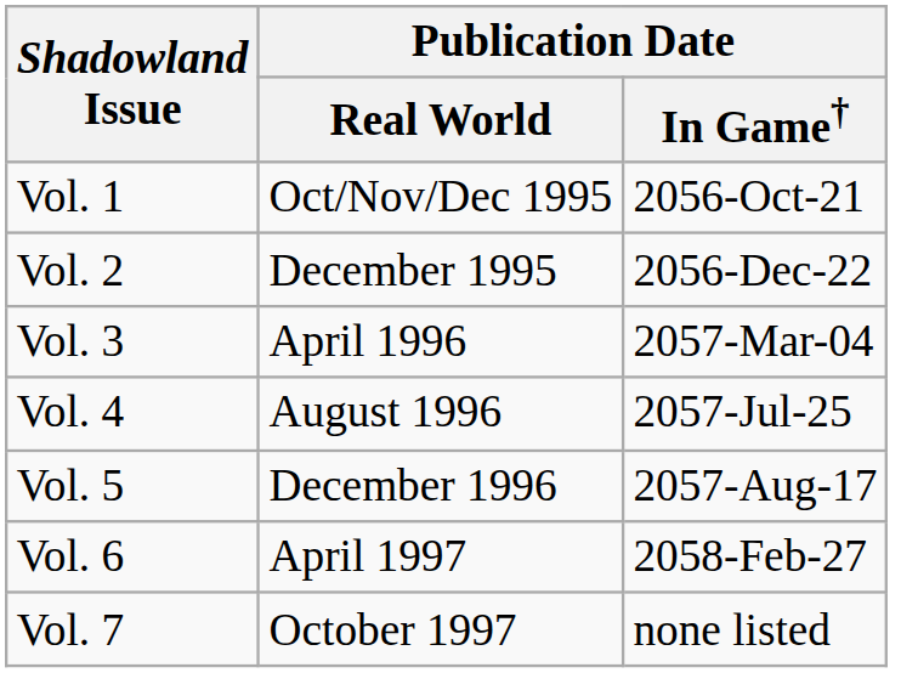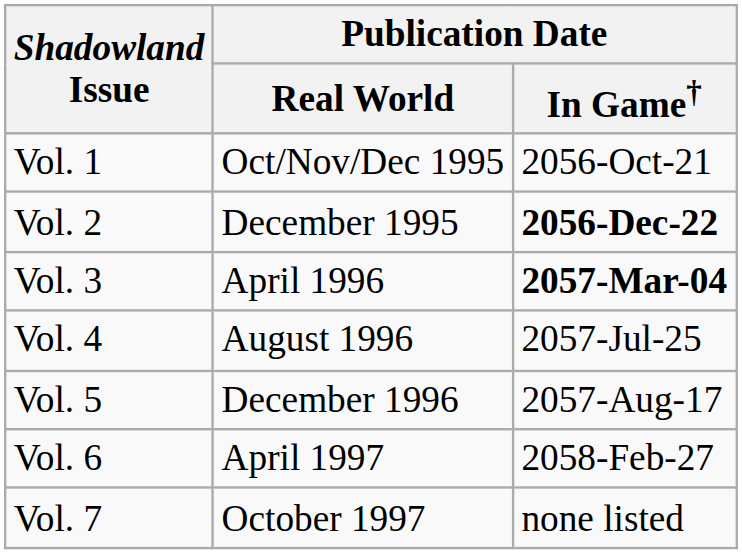 <table class="wikitable">
 <tr>
 <th rowspan="2"><em>Shadowland</em><br>Issue</th>
 <th colspan="2">Publication Date</th>
 </tr>
 <tr>
 <th>Real World</th>
 <th>In Game<sup>†</sup></th>
 </tr>
 <tr>
 <td>Vol. 1</td>
 <td>Oct/Nov/Dec 1995</td>
 <td>2056-Oct-21</td>
 </tr>
 <tr>
 <td>Vol. 2</td>
 <td>December 1995</td>
-<td>2056-Dec-22</td>
+<td><strong>2056-Dec-22</strong></td>
 </tr>
 <tr>
 <td>Vol. 3</td>
 <td>April 1996</td>
-<td>2057-Mar-04</td>
+<td><strong>2057-Mar-04</strong></td>
 </tr>
 <tr>
 <td>Vol. 4</td>
 <td>August 1996</td>
 <td>2057-Jul-25</td>
 </tr>
 <tr>
 <td>Vol. 5</td>
 <td>December 1996</td>
 <td>2057-Aug-17</td>
 </tr>
 <tr>
 <td>Vol. 6</td>
 <td>April 1997</td>
 <td>2058-Feb-27</td>
 </tr>
 <tr>
 <td>Vol. 7</td>
 <td>October 1997</td>
 <td>none listed</td>
 </tr>
 </table>
